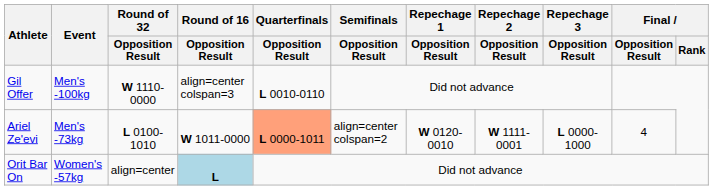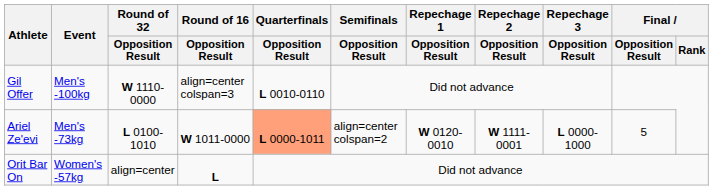 <table class="wikitable" style="font-size:90%">
 <tr>
 <th rowspan="2">Athlete</th>
 <th rowspan="2">Event</th>
 <th>Round of 32</th>
 <th>Round of 16</th>
 <th>Quarterfinals</th>
 <th>Semifinals</th>
 <th>Repechage 1</th>
 <th>Repechage 2</th>
 <th>Repechage 3</th>
 <th colspan=2>Final / </th>
 </tr>
 <tr style="font-size:95%">
 <th>Opposition<br>Result</th>
 <th>Opposition<br>Result</th>
 <th>Opposition<br>Result</th>
 <th>Opposition<br>Result</th>
 <th>Opposition<br>Result</th>
 <th>Opposition<br>Result</th>
 <th>Opposition<br>Result</th>
 <th>Opposition<br>Result</th>
 <th>Rank</th>
 </tr>
 <tr>
 <td align=left><a href='#'>Gil Offer</a></td>
 <td align=left><a href='#'>Men's -100kg</a></td>
 <td align=center><br><strong>W</strong> 1110-0000</td>
 <td>align=center colspan=3 </td>
 <td align=center><br><strong>L</strong> 0010-0110</td>
 <td align=center colspan=4>Did not advance</td>
 </tr>
 <tr>
 <td align=left><a href='#'>Ariel Ze'evi</a></td>
 <td align=left><a href='#'>Men's -73kg</a></td>
 <td align=center><br><strong>L</strong> 0100-1010</td>
 <td align=center><br><strong>W</strong> 1011-0000</td>
 <td align=center style="background: lightsalmon;"><br><strong>L</strong> 0000-1011</td>
 <td>align=center colspan=2 </td>
 <td align=center><br><strong>W</strong> 0120-0010</td>
 <td align=center><br><strong>W</strong> 1111-0001</td>
 <td align=center><br><strong>L</strong> 0000-1000</td>
-<td align=center>4</td>
+<td align=center>5</td>
 </tr>
 <tr>
 <td align=left><a href='#'>Orit Bar On</a></td>
 <td align=left><a href='#'>Women's -57kg</a></td>
 <td>align=center </td>
-<td align=center style="background: lightblue;"><br><strong>L</strong></td>
+<td align=center><br><strong>L</strong></td>
 <td align=center colspan=7>Did not advance</td>
 </tr>
 </table>
